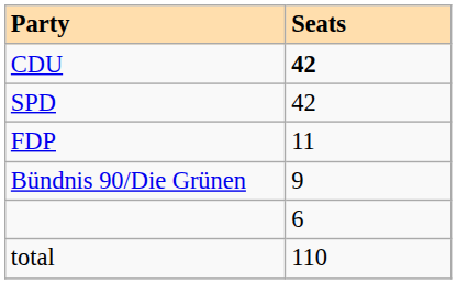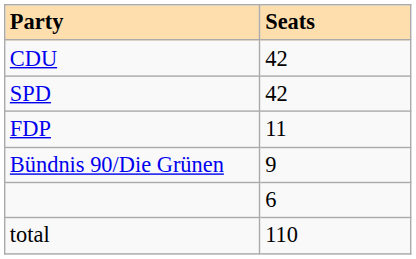 <table class="wikitable">
 <tr>
 <th style="background:#ffdead; width:175px; text-align:left;">Party</th>
 <th style="background:#ffdead; width:100px; text-align:left;">Seats</th>
 </tr>
 <tr>
 <td><a href='#'>CDU</a></td>
-<td><strong>42</strong></td>
+<td>42</td>
 </tr>
 <tr>
 <td><a href='#'>SPD</a></td>
 <td>42</td>
 </tr>
 <tr>
 <td><a href='#'>FDP</a></td>
 <td>11</td>
 </tr>
 <tr>
 <td><a href='#'>Bündnis 90/Die Grünen</a></td>
 <td>9</td>
 </tr>
 <tr>
 <td></td>
 <td>6</td>
 </tr>
 <tr>
 <td>total</td>
 <td>110</td>
 </tr>
 </table>
